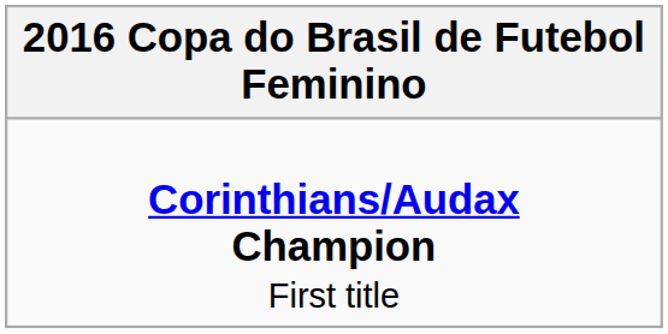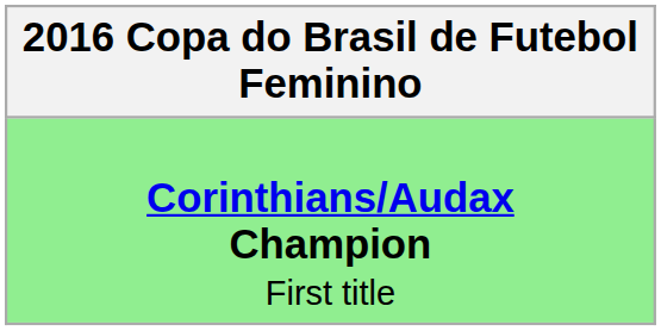 <table class="wikitable" style="margin: 0 auto; width: 20%;">
 <tr>
 <th>2016 Copa do Brasil de Futebol Feminino</th>
 </tr>
 <tr>
-<td align=center> <br><strong><a href='#'>Corinthians/Audax</a></strong><br><strong>Champion</strong><br><small>First title</small></td>
+<td align=center style="background: lightgreen;"> <br><strong><a href='#'>Corinthians/Audax</a></strong><br><strong>Champion</strong><br><small>First title</small></td>
 </tr>
 </table>
